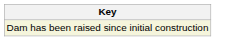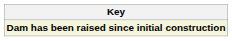 <table class="wikitable" border ="1">
 <tr>
 <th colspan="all">Key</th>
 </tr>
 <tr>
-<td bgcolor="#F5F5DC">Dam has been raised since initial construction</td>
+<td bgcolor="#F5F5DC"><strong>Dam has been raised since initial construction</strong></td>
 </tr>
 </table>
